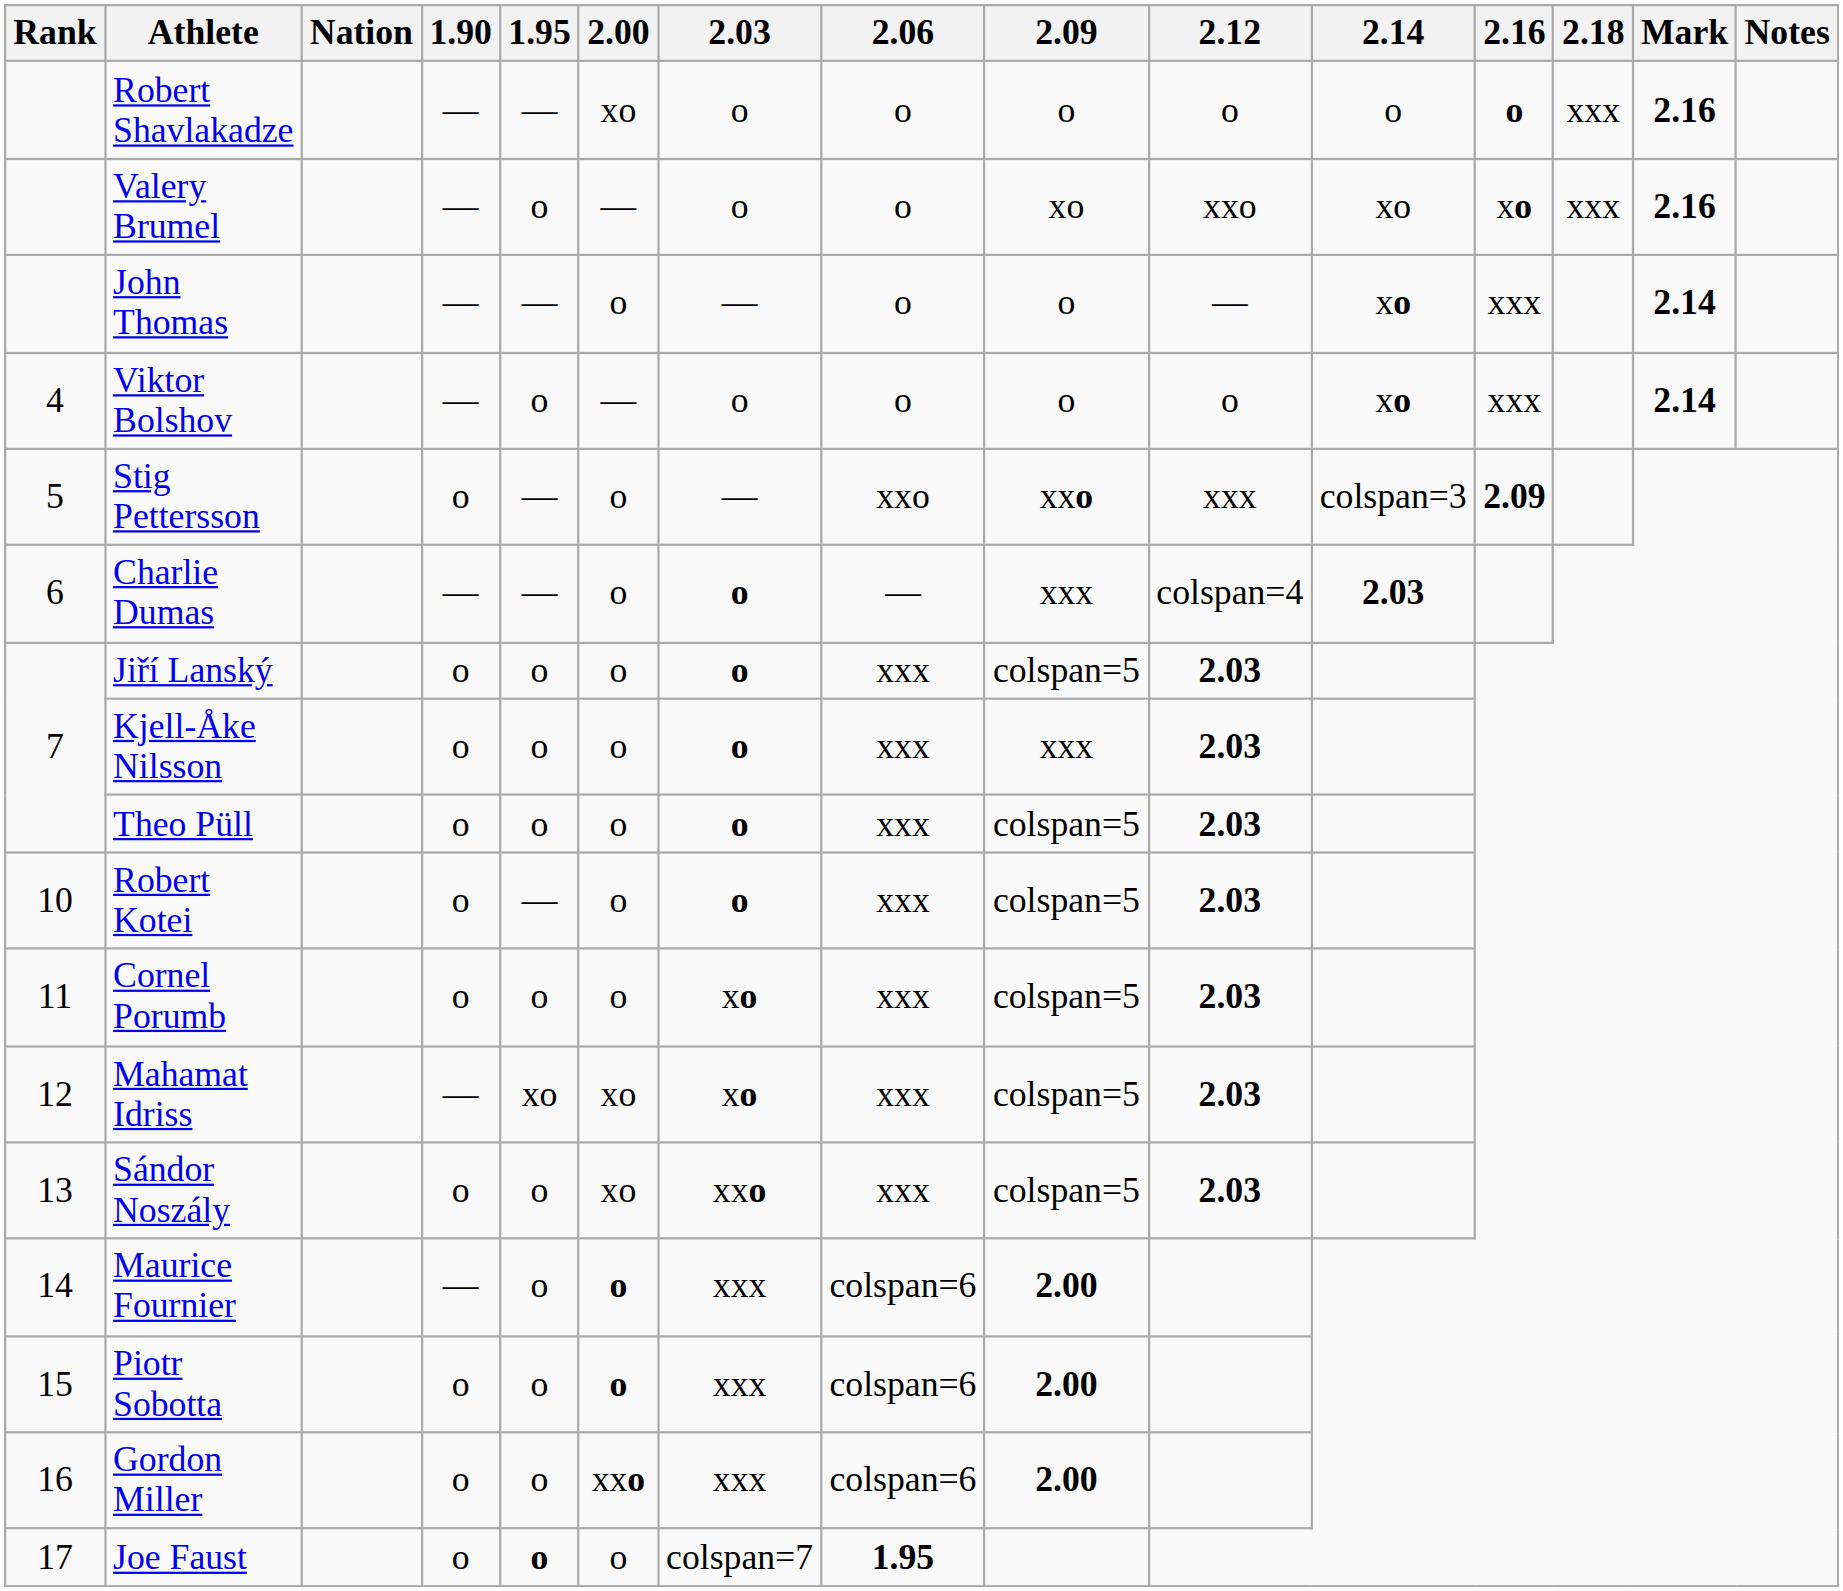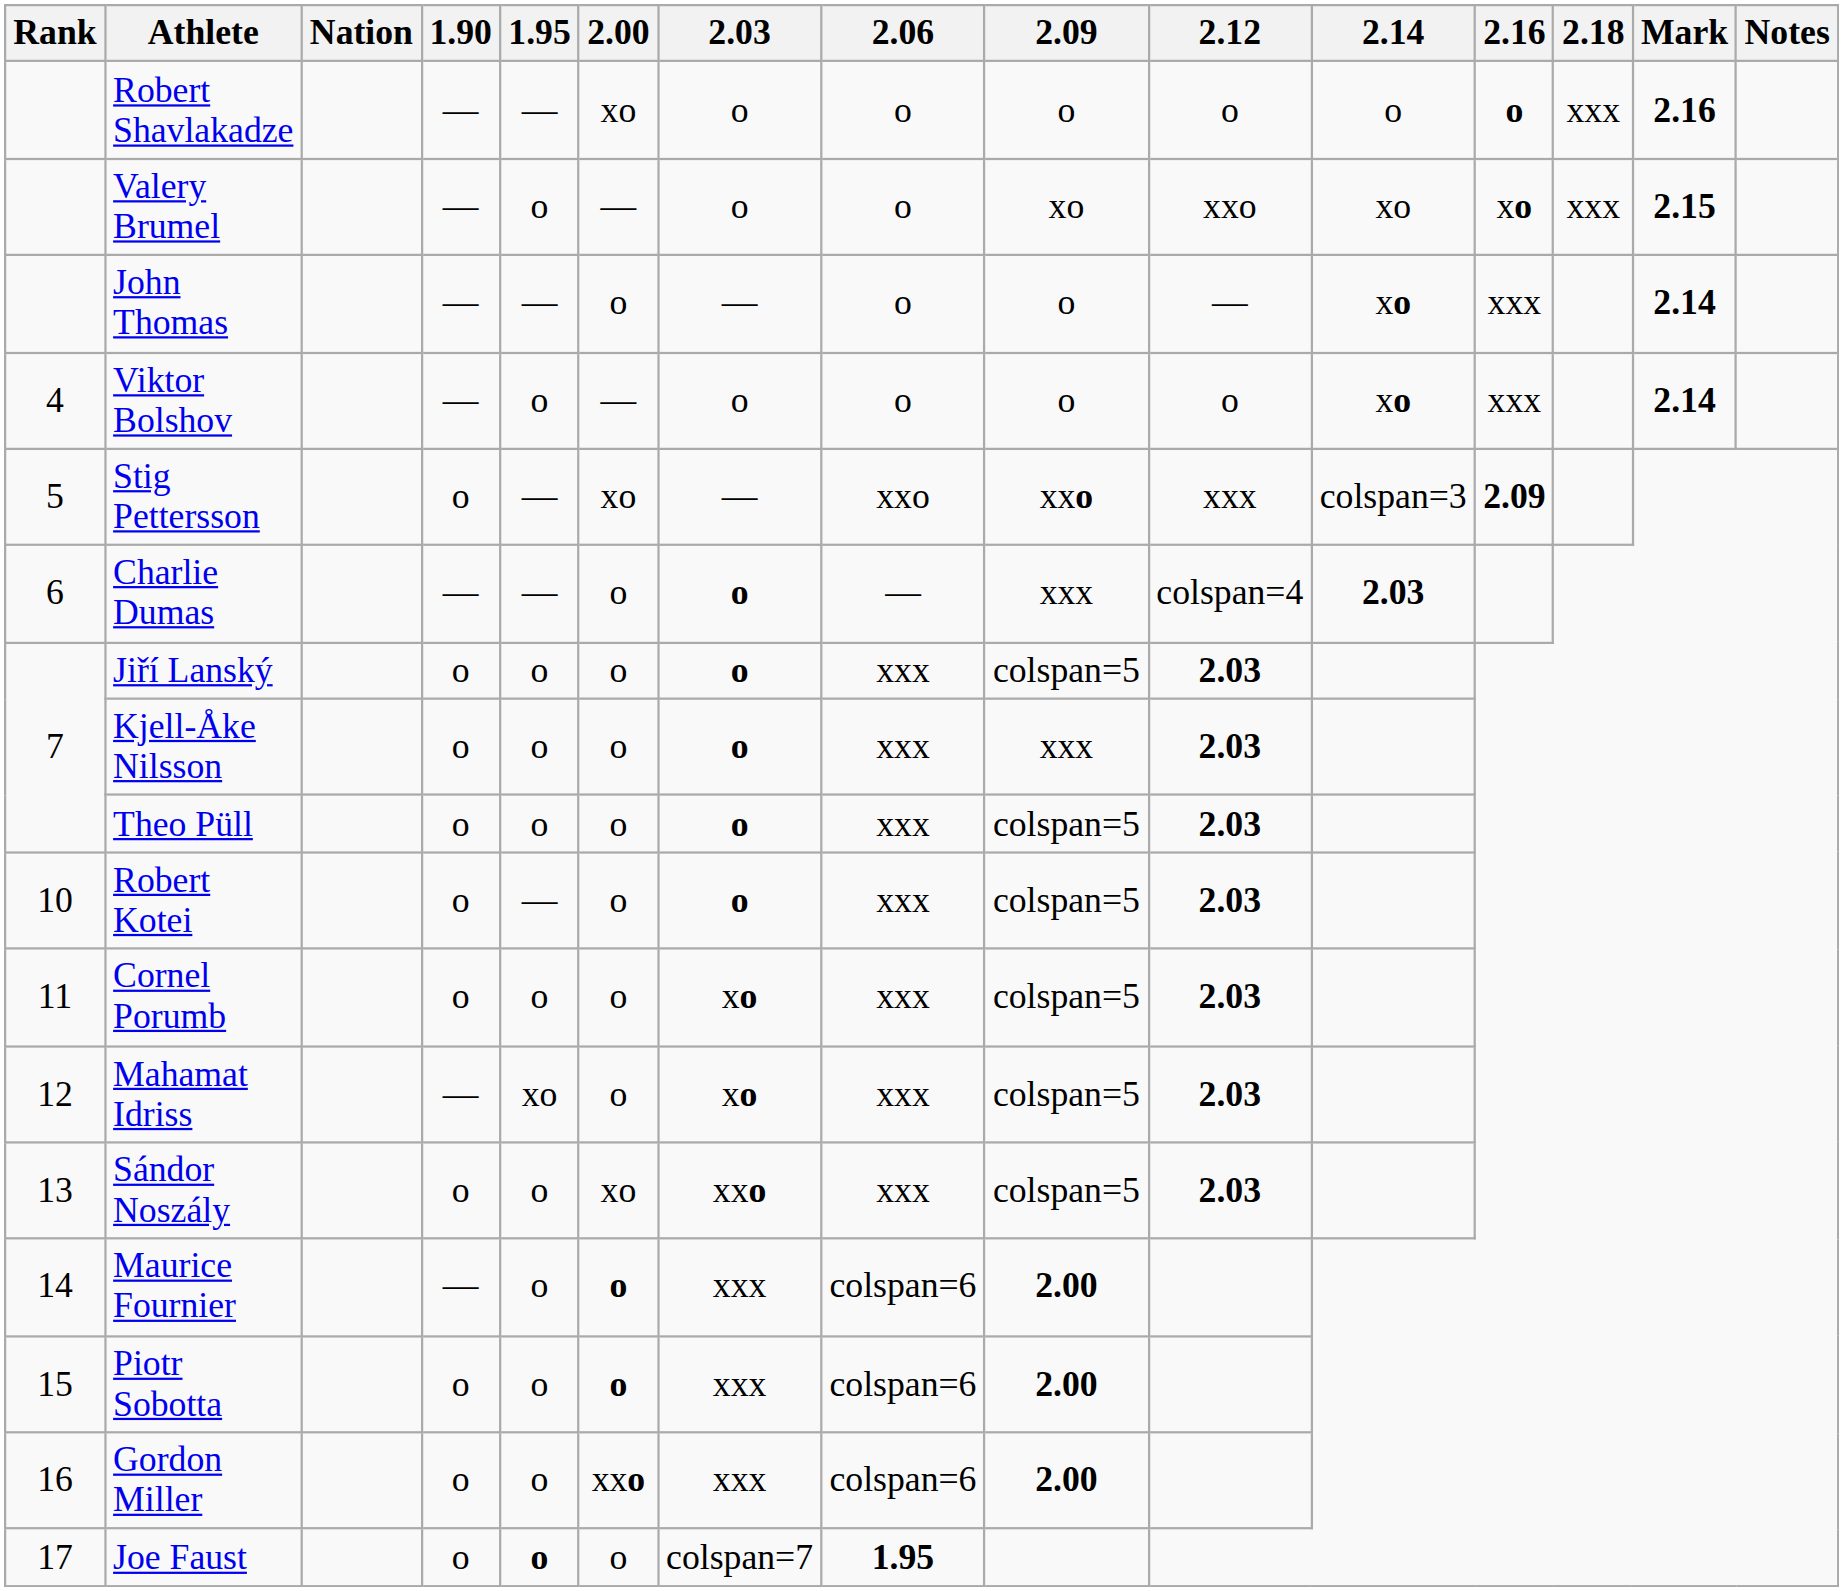 <table class="wikitable sortable" style="text-align:center">
 <tr>
 <th>Rank</th>
 <th>Athlete</th>
 <th>Nation</th>
 <th>1.90</th>
 <th>1.95</th>
 <th>2.00</th>
 <th>2.03</th>
 <th>2.06</th>
 <th>2.09</th>
 <th>2.12</th>
 <th>2.14</th>
 <th>2.16</th>
 <th>2.18</th>
 <th>Mark</th>
 <th>Notes</th>
 </tr>
 <tr>
 <td></td>
 <td align=left><a href='#'>Robert Shavlakadze</a></td>
 <td align=left></td>
 <td>—</td>
 <td>—</td>
 <td>xo</td>
 <td>o</td>
 <td>o</td>
 <td>o</td>
 <td>o</td>
 <td>o</td>
 <td><strong>o</strong></td>
 <td>xxx</td>
 <td><strong>2.16</strong></td>
 <td></td>
 </tr>
 <tr>
 <td></td>
 <td align=left><a href='#'>Valery Brumel</a></td>
 <td align=left></td>
 <td>—</td>
 <td>o</td>
 <td>—</td>
 <td>o</td>
 <td>o</td>
 <td>xo</td>
 <td>xxo</td>
 <td>xo</td>
 <td>x<strong>o</strong></td>
 <td>xxx</td>
-<td><strong>2.16</strong></td>
+<td><strong>2.15</strong></td>
 <td></td>
 </tr>
 <tr>
 <td></td>
 <td align=left><a href='#'>John Thomas</a></td>
 <td align=left></td>
 <td>—</td>
 <td>—</td>
 <td>o</td>
 <td>—</td>
 <td>o</td>
 <td>o</td>
 <td>—</td>
 <td>x<strong>o</strong></td>
 <td>xxx</td>
 <td></td>
 <td><strong>2.14</strong></td>
 <td></td>
 </tr>
 <tr>
 <td>4</td>
 <td align=left><a href='#'>Viktor Bolshov</a></td>
 <td align=left></td>
 <td>—</td>
 <td>o</td>
 <td>—</td>
 <td>o</td>
 <td>o</td>
 <td>o</td>
 <td>o</td>
 <td>x<strong>o</strong></td>
 <td>xxx</td>
 <td></td>
 <td><strong>2.14</strong></td>
 <td></td>
 </tr>
 <tr>
 <td>5</td>
 <td align=left><a href='#'>Stig Pettersson</a></td>
 <td align=left></td>
 <td>o</td>
 <td>—</td>
-<td>o</td>
+<td>xo</td>
 <td>—</td>
 <td>xxo</td>
 <td>xx<strong>o</strong></td>
 <td>xxx</td>
 <td>colspan=3 </td>
 <td><strong>2.09</strong></td>
 <td></td>
 </tr>
 <tr>
 <td>6</td>
 <td align=left><a href='#'>Charlie Dumas</a></td>
 <td align=left></td>
 <td>—</td>
 <td>—</td>
 <td>o</td>
 <td><strong>o</strong></td>
 <td>—</td>
 <td>xxx</td>
 <td>colspan=4 </td>
 <td><strong>2.03</strong></td>
 <td></td>
 </tr>
 <tr>
 <td rowspan=3>7</td>
 <td align=left><a href='#'>Jiří Lanský</a></td>
 <td align=left></td>
 <td>o</td>
 <td>o</td>
 <td>o</td>
 <td><strong>o</strong></td>
 <td>xxx</td>
 <td>colspan=5 </td>
 <td><strong>2.03</strong></td>
 <td></td>
 </tr>
 <tr>
 <td align=left><a href='#'>Kjell-Åke Nilsson</a></td>
 <td align=left></td>
 <td>o</td>
 <td>o</td>
 <td>o</td>
 <td><strong>o</strong></td>
 <td>xxx</td>
 <td>xxx</td>
 <td><strong>2.03</strong></td>
 <td></td>
 </tr>
 <tr>
 <td align=left><a href='#'>Theo Püll</a></td>
 <td align=left></td>
 <td>o</td>
 <td>o</td>
 <td>o</td>
 <td><strong>o</strong></td>
 <td>xxx</td>
 <td>colspan=5 </td>
 <td><strong>2.03</strong></td>
 <td></td>
 </tr>
 <tr>
 <td>10</td>
 <td align=left><a href='#'>Robert Kotei</a></td>
 <td align=left></td>
 <td>o</td>
 <td>—</td>
 <td>o</td>
 <td><strong>o</strong></td>
 <td>xxx</td>
 <td>colspan=5 </td>
 <td><strong>2.03</strong></td>
 <td></td>
 </tr>
 <tr>
 <td>11</td>
 <td align=left><a href='#'>Cornel Porumb</a></td>
 <td align=left></td>
 <td>o</td>
 <td>o</td>
 <td>o</td>
 <td>x<strong>o</strong></td>
 <td>xxx</td>
 <td>colspan=5 </td>
 <td><strong>2.03</strong></td>
 <td></td>
 </tr>
 <tr>
 <td>12</td>
 <td align=left><a href='#'>Mahamat Idriss</a></td>
 <td align=left></td>
 <td>—</td>
 <td>xo</td>
-<td>xo</td>
+<td>o</td>
 <td>x<strong>o</strong></td>
 <td>xxx</td>
 <td>colspan=5 </td>
 <td><strong>2.03</strong></td>
 <td></td>
 </tr>
 <tr>
 <td>13</td>
 <td align=left><a href='#'>Sándor Noszály</a></td>
 <td align=left></td>
 <td>o</td>
 <td>o</td>
 <td>xo</td>
 <td>xx<strong>o</strong></td>
 <td>xxx</td>
 <td>colspan=5 </td>
 <td><strong>2.03</strong></td>
 <td></td>
 </tr>
 <tr>
 <td>14</td>
 <td align=left><a href='#'>Maurice Fournier</a></td>
 <td align=left></td>
 <td>—</td>
 <td>o</td>
 <td><strong>o</strong></td>
 <td>xxx</td>
 <td>colspan=6 </td>
 <td><strong>2.00</strong></td>
 <td></td>
 </tr>
 <tr>
 <td>15</td>
 <td align=left><a href='#'>Piotr Sobotta</a></td>
 <td align=left></td>
 <td>o</td>
 <td>o</td>
 <td><strong>o</strong></td>
 <td>xxx</td>
 <td>colspan=6 </td>
 <td><strong>2.00</strong></td>
 <td></td>
 </tr>
 <tr>
 <td>16</td>
 <td align=left><a href='#'>Gordon Miller</a></td>
 <td align=left></td>
 <td>o</td>
 <td>o</td>
 <td>xx<strong>o</strong></td>
 <td>xxx</td>
 <td>colspan=6 </td>
 <td><strong>2.00</strong></td>
 <td></td>
 </tr>
 <tr>
 <td>17</td>
 <td align=left><a href='#'>Joe Faust</a></td>
 <td align=left></td>
 <td>o</td>
 <td><strong>o</strong></td>
 <td>o</td>
 <td>colspan=7 </td>
 <td><strong>1.95</strong></td>
 <td></td>
 </tr>
 </table>
